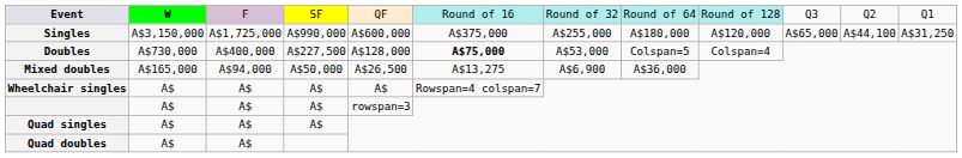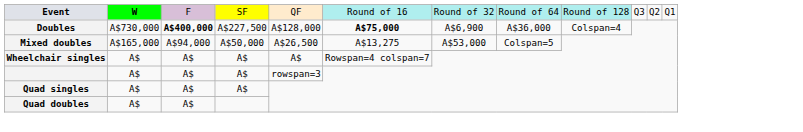 <table class="wikitable" style="font-size:90%;text-align:center; width:auto">
 <tr>
 <td style="background:#dfe2e9;"><strong>Event</strong></td>
 <td style="background:lime;"><strong>W</strong></td>
 <td style="background:thistle;">F</td>
 <td style="background:#ff0;">SF</td>
 <td style="background:#ffebcd;">QF</td>
 <td style="background:#afeeee;">Round of 16</td>
 <td style="background:#afeeee;">Round of 32</td>
 <td style="background:#afeeee;">Round of 64</td>
 <td style="background:#afeeee;">Round of 128</td>
 <td>Q3</td>
 <td>Q2</td>
 <td>Q1</td>
 </tr>
 <tr>
-<td style="background:#f3f3f3;"><strong>Singles</strong></td>
-<td>A$3,150,000</td>
-<td>A$1,725,000</td>
-<td>A$990,000</td>
-<td>A$600,000</td>
-<td>A$375,000</td>
-<td>A$255,000</td>
-<td>A$180,000</td>
-<td>A$120,000</td>
-<td>A$65,000</td>
-<td>A$44,100</td>
-<td>A$31,250</td>
-</tr>
-<tr>
 <td style="background:#f3f3f3;"><strong>Doubles</strong></td>
 <td>A$730,000</td>
-<td>A$400,000</td>
+<td><strong>A$400,000</strong></td>
 <td>A$227,500</td>
 <td>A$128,000</td>
 <td><strong>A$75,000</strong></td>
-<td>A$53,000</td>
-<td>Colspan=5 </td>
+<td>A$6,900</td>
+<td>A$36,000</td>
 <td>Colspan=4 </td>
 </tr>
 <tr>
 <td style="background:#f3f3f3;"><strong>Mixed doubles</strong></td>
 <td>A$165,000</td>
 <td>A$94,000</td>
 <td>A$50,000</td>
 <td>A$26,500</td>
 <td>A$13,275</td>
-<td>A$6,900</td>
-<td>A$36,000</td>
+<td>A$53,000</td>
+<td>Colspan=5 </td>
 </tr>
 <tr>
 <td style="background:#f3f3f3;"><strong>Wheelchair singles</strong></td>
 <td>A$</td>
 <td>A$</td>
 <td>A$</td>
 <td>A$</td>
 <td>Rowspan=4 colspan=7 </td>
 </tr>
 <tr>
 <td style="background:#f3f3f3;"></td>
 <td>A$</td>
 <td>A$</td>
 <td>A$</td>
 <td>rowspan=3 </td>
 </tr>
 <tr>
 <td style="background:#f3f3f3;"><strong>Quad singles</strong></td>
 <td>A$</td>
 <td>A$</td>
 <td>A$</td>
 </tr>
 <tr>
 <td style="background:#f3f3f3;"><strong>Quad doubles</strong></td>
 <td>A$</td>
 <td>A$</td>
 <td></td>
 </tr>
 </table>
